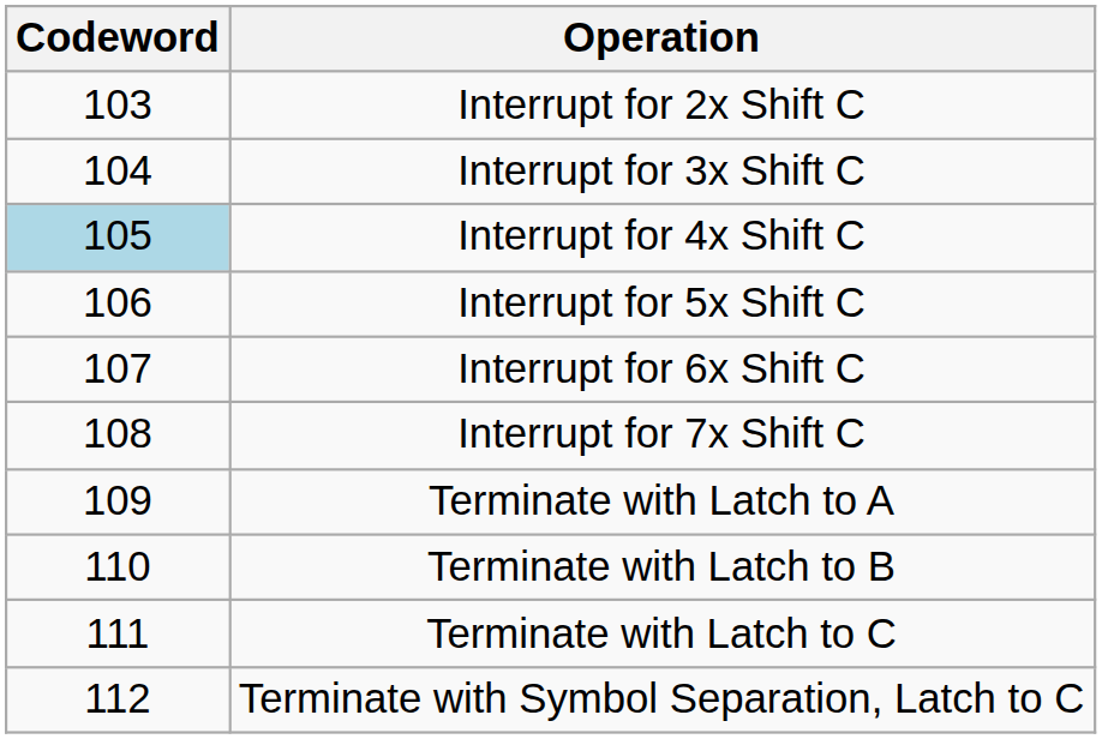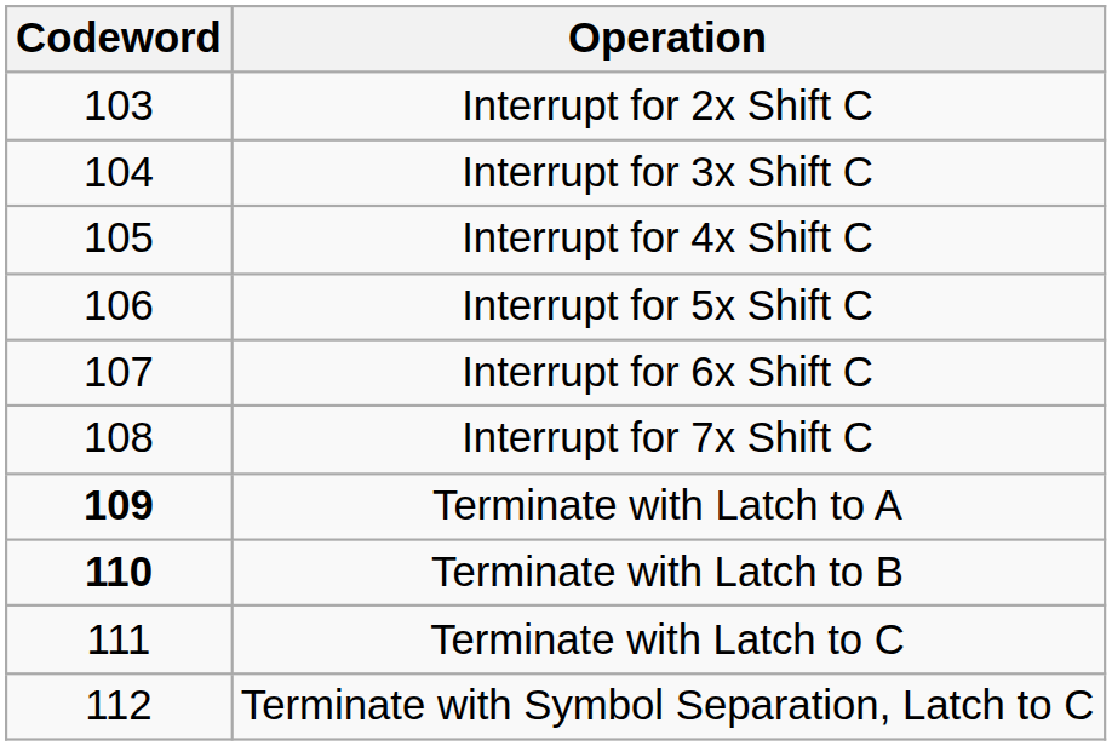 <table class="wikitable" border="1" style="text-align:center">
 <tr>
 <th>Codeword</th>
 <th>Operation</th>
 </tr>
 <tr>
 <td>103</td>
 <td>Interrupt for 2x Shift C</td>
 </tr>
 <tr>
 <td>104</td>
 <td>Interrupt for 3x Shift C</td>
 </tr>
 <tr>
-<td style="background: lightblue;">105</td>
+<td>105</td>
 <td>Interrupt for 4x Shift C</td>
 </tr>
 <tr>
 <td>106</td>
 <td>Interrupt for 5x Shift C</td>
 </tr>
 <tr>
 <td>107</td>
 <td>Interrupt for 6x Shift C</td>
 </tr>
 <tr>
 <td>108</td>
 <td>Interrupt for 7x Shift C</td>
 </tr>
 <tr>
-<td>109</td>
+<td><strong>109</strong></td>
 <td>Terminate with Latch to A</td>
 </tr>
 <tr>
-<td>110</td>
+<td><strong>110</strong></td>
 <td>Terminate with Latch to B</td>
 </tr>
 <tr>
 <td>111</td>
 <td>Terminate with Latch to C</td>
 </tr>
 <tr>
 <td>112</td>
 <td>Terminate with Symbol Separation, Latch to C</td>
 </tr>
 </table>
